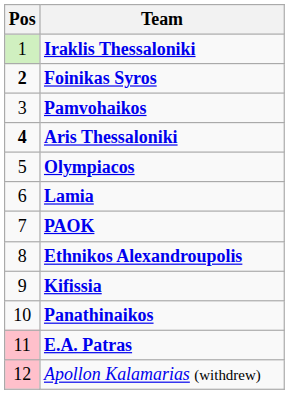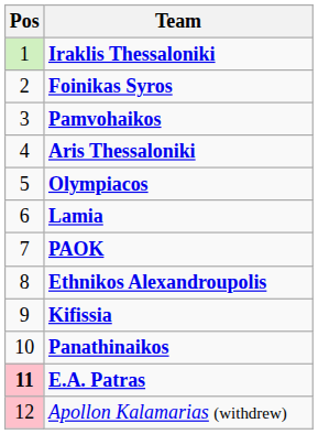 <table class="wikitable" style="text-align: center; font-size:95%">
 <tr>
 <th width="20">Pos</th>
 <th width="200">Team</th>
 </tr>
 <tr>
 <td bgcolor="D0F0C0">1</td>
 <td align="left"><strong><a href='#'>Iraklis Thessaloniki</a></strong></td>
 </tr>
 <tr>
-<td><strong>2</strong></td>
+<td>2</td>
 <td align="left"><strong><a href='#'>Foinikas Syros</a></strong></td>
 </tr>
 <tr>
 <td>3</td>
 <td align="left"><strong><a href='#'>Pamvohaikos</a></strong></td>
 </tr>
 <tr>
-<td><strong>4</strong></td>
+<td>4</td>
 <td align="left"><strong><a href='#'>Aris Thessaloniki</a></strong></td>
 </tr>
 <tr>
 <td>5</td>
 <td align="left"><strong><a href='#'>Olympiacos</a></strong></td>
 </tr>
 <tr>
 <td>6</td>
 <td align="left"><strong><a href='#'>Lamia</a></strong></td>
 </tr>
 <tr>
 <td>7</td>
 <td align="left"><strong><a href='#'>PAOK</a></strong></td>
 </tr>
 <tr>
 <td>8</td>
 <td align="left"><strong><a href='#'>Ethnikos Alexandroupolis</a></strong></td>
 </tr>
 <tr>
 <td>9</td>
 <td align="left"><strong><a href='#'>Kifissia</a></strong></td>
 </tr>
 <tr>
 <td>10</td>
 <td align="left"><strong><a href='#'>Panathinaikos</a></strong></td>
 </tr>
 <tr>
-<td bgcolor="ffc0cb">11</td>
+<td bgcolor="ffc0cb"><strong>11</strong></td>
 <td align="left"><strong><a href='#'>E.A. Patras</a></strong></td>
 </tr>
 <tr>
 <td bgcolor="ffc0cb">12</td>
 <td align="left"><em><a href='#'>Apollon Kalamarias</a></em> <small>(withdrew)</small></td>
 </tr>
 </table>
